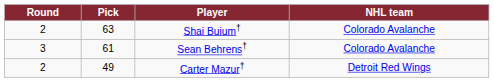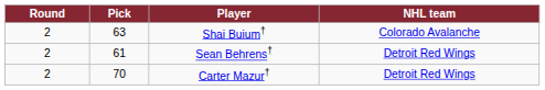 <table class="wikitable" width="60%">
 <tr>
 <th style="color:white; background:#862633; ">Round</th>
 <th style="color:white; background:#862633; ">Pick</th>
 <th style="color:white; background:#862633; ">Player</th>
 <th style="color:white; background:#862633; ">NHL team</th>
 </tr>
 <tr align="center" bgcolor="">
 <td>2</td>
 <td>63</td>
 <td><a href='#'>Shai Buium</a><sup>†</sup></td>
 <td><a href='#'>Colorado Avalanche</a></td>
 </tr>
 <tr align="center" bgcolor="">
-<td>3</td>
+<td>2</td>
 <td>61</td>
 <td><a href='#'>Sean Behrens</a><sup>†</sup></td>
-<td><a href='#'>Colorado Avalanche</a></td>
+<td><a href='#'>Detroit Red Wings</a></td>
 </tr>
 <tr align="center" bgcolor="">
 <td>2</td>
-<td>49</td>
+<td>70</td>
 <td><a href='#'>Carter Mazur</a><sup>†</sup></td>
 <td><a href='#'>Detroit Red Wings</a></td>
 </tr>
 </table>
